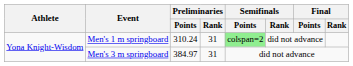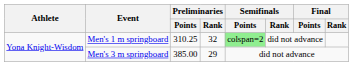 <table class=wikitable style="font-size:90%;">
 <tr>
 <th rowspan="2">Athlete</th>
 <th rowspan="2">Event</th>
 <th colspan="2">Preliminaries</th>
 <th colspan="2">Semifinals</th>
 <th colspan="2">Final</th>
 </tr>
 <tr style="font-size:95%">
 <th>Points</th>
 <th>Rank</th>
 <th>Points</th>
 <th>Rank</th>
 <th>Points</th>
 <th>Rank</th>
 </tr>
 <tr align=center>
 <td align=left rowspan=2><a href='#'>Yona Knight-Wisdom</a></td>
 <td align=left><a href='#'>Men's 1 m springboard</a></td>
-<td>310.24</td>
-<td>31</td>
+<td>310.25</td>
+<td>32</td>
 <td style="background: lightgreen;">colspan=2 </td>
 <td colspan=2>did not advance</td>
 </tr>
 <tr align=center>
 <td align=left><a href='#'>Men's 3 m springboard</a></td>
-<td>384.97</td>
-<td>31</td>
+<td>385.00</td>
+<td>29</td>
 <td colspan=4>did not advance</td>
 </tr>
 </table>
